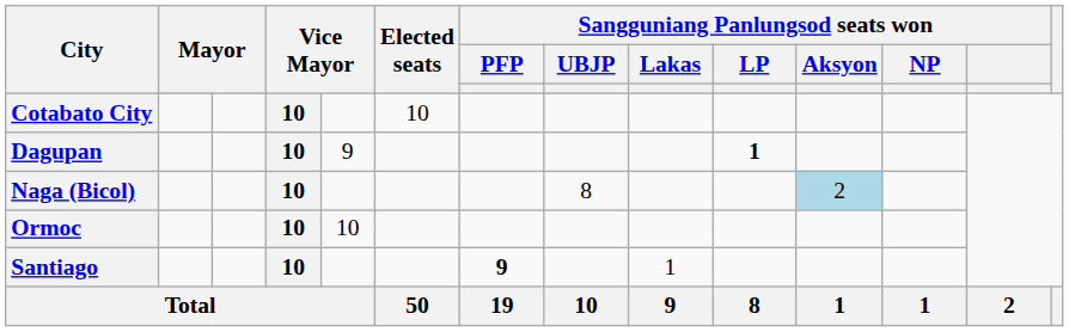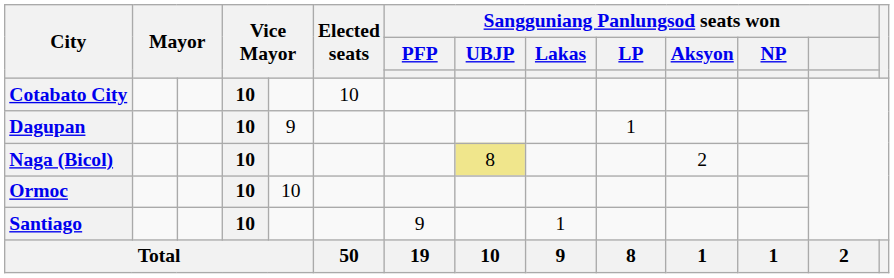 <table class="wikitable" style="text-align:center; font-size: 0.9em;">
 <tr>
 <th rowspan="3">City</th>
 <th colspan="2" rowspan="3" style="width:60px;">Mayor</th>
 <th colspan="2" rowspan="3" style="width:60px;">Vice Mayor</th>
 <th rowspan="3">Elected<br>seats</th>
 <th colspan="7"><a href='#'>Sangguniang Panlungsod</a> seats won</th>
 <th rowspan="3"></th>
 </tr>
 <tr>
 <th class="unsortable" style="width:45px;"><a href='#'>PFP</a></th>
 <th class="unsortable" style="width:45px;"><a href='#'>UBJP</a></th>
 <th class="unsortable" style="width:45px;"><a href='#'>Lakas</a></th>
 <th class="unsortable" style="width:45px;"><a href='#'>LP</a></th>
 <th class="unsortable" style="width:45px;"><a href='#'>Aksyon</a></th>
 <th class="unsortable" style="width:45px;"><a href='#'>NP</a></th>
 <th class="unsortable" style="width:45px;"></th>
 </tr>
 <tr>
 <th style="color:inherit;background:"></th>
 <th style="color:inherit;background:"></th>
 <th style="color:inherit;background:"></th>
 <th style="color:inherit;background:"></th>
 <th style="color:inherit;background:"></th>
 <th style="color:inherit;background:"></th>
 <th style="color:inherit;background:"></th>
 </tr>
 <tr>
 <th style="text-align: left;"><a href='#'>Cotabato City</a></th>
 <td></td>
 <td></td>
 <th>10</th>
 <td></td>
 <td>10</td>
 <td></td>
 <td></td>
 <td></td>
 <td></td>
 <td></td>
 <td></td>
 </tr>
 <tr>
 <th style="text-align: left;"><a href='#'>Dagupan</a></th>
 <td></td>
 <td></td>
 <th>10</th>
 <td>9</td>
 <td></td>
 <td></td>
 <td></td>
 <td></td>
-<td><strong>1</strong></td>
+<td>1</td>
 <td></td>
 <td></td>
 </tr>
 <tr>
 <th style="text-align: left;"><a href='#'>Naga (Bicol)</a></th>
 <td></td>
 <td></td>
 <th>10</th>
 <td></td>
 <td></td>
 <td></td>
-<td>8</td>
+<td style="background: khaki;">8</td>
 <td></td>
 <td></td>
-<td style="background: lightblue;">2</td>
+<td>2</td>
 <td></td>
 </tr>
 <tr>
 <th style="text-align: left;"><a href='#'>Ormoc</a></th>
 <td></td>
 <td></td>
 <th>10</th>
 <td>10</td>
 <td></td>
 <td></td>
 <td></td>
 <td></td>
 <td></td>
 <td></td>
 <td></td>
 </tr>
 <tr>
 <th style="text-align: left;"><a href='#'>Santiago</a></th>
 <td></td>
 <td></td>
 <th>10</th>
 <td></td>
 <td></td>
-<td><strong>9</strong></td>
+<td>9</td>
 <td></td>
 <td>1</td>
 <td></td>
 <td></td>
 <td></td>
 </tr>
 <tr>
 <th colspan="5">Total</th>
 <th>50</th>
 <th>19</th>
 <th>10</th>
 <th>9</th>
 <th>8</th>
 <th>1</th>
 <th>1</th>
 <th>2</th>
 <th></th>
 </tr>
 </table>
